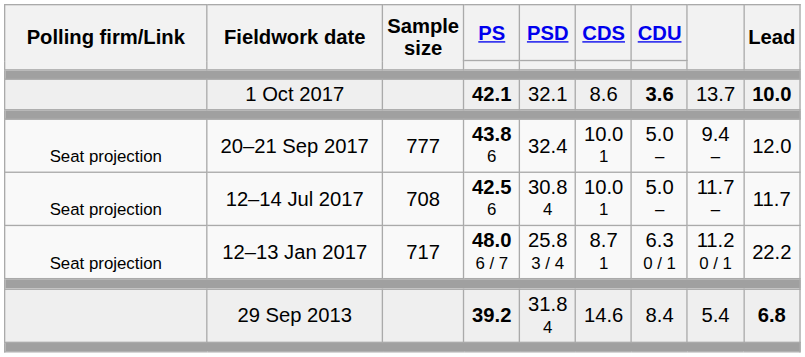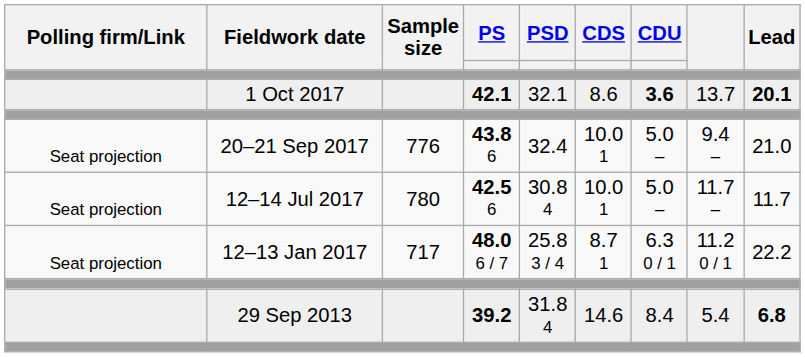 <table class="wikitable collapsible sortable" style="text-align:center; font-size:95%; line-height:16px;">
 <tr style="height:42px;">
 <th style="width:145px;" rowspan="2">Polling firm/Link</th>
 <th style="width:125px;" rowspan="2">Fieldwork date</th>
 <th class="unsortable" style="width:50px;" rowspan="2">Sample size</th>
 <th class="unsortable" style="width:35px;"><a href='#'>PS</a></th>
 <th class="unsortable" style="width:35px;"><a href='#'>PSD</a></th>
 <th class="unsortable" style="width:35px;"><a href='#'>CDS</a></th>
 <th class="unsortable" style="width:35px;"><a href='#'>CDU</a></th>
 <th class="unsortable" style="width:35px;" rowspan="2"></th>
 <th class="unsortable" style="width:30px;" rowspan="2">Lead</th>
 </tr>
 <tr>
 <th class="unsortable" style="color:inherit;background:"></th>
 <th class="unsortable" style="color:inherit;background:"></th>
 <th class="unsortable" style="color:inherit;background:"></th>
 <th class="unsortable" style="color:inherit;background:"></th>
 </tr>
 <tr>
 <td colspan="11" style="background:#A0A0A0"></td>
 </tr>
 <tr style="background:#EFEFEF;">
 <td><strong></strong></td>
 <td data-sort-value="2019-10-06">1 Oct 2017</td>
 <td></td>
 <td><strong>42.1</strong><br></td>
 <td>32.1<br></td>
 <td>8.6<br></td>
 <td><strong>3.6<br></strong></td>
 <td>13.7<br></td>
-<td style="background:"><strong>10.0</strong></td>
+<td style="background:"><strong>20.1</strong></td>
 </tr>
 <tr>
 <td colspan="11" style="background:#A0A0A0"></td>
 </tr>
 <tr>
 <td align="center"><br><small>Seat projection</small></td>
 <td align="center">20–21 Sep 2017</td>
-<td>777</td>
+<td>776</td>
 <td align="center" ><strong>43.8</strong><br><small>6</small></td>
 <td>32.4<br></td>
 <td align="center">10.0<br><small>1</small></td>
 <td align="center">5.0<br><small>–</small></td>
 <td align="center">9.4<br><small>–</small></td>
-<td style="background:">12.0</td>
+<td style="background:">21.0</td>
 </tr>
 <tr>
 <td align="center"><br><small>Seat projection</small></td>
 <td align="center">12–14 Jul 2017</td>
-<td>708</td>
+<td>780</td>
 <td align="center" ><strong>42.5</strong><br><small>6</small></td>
 <td align="center">30.8<br><small>4</small></td>
 <td align="center">10.0<br><small>1</small></td>
 <td align="center">5.0<br><small>–</small></td>
 <td align="center">11.7<br><small>–</small></td>
 <td style="background:">11.7</td>
 </tr>
 <tr>
 <td align="center"><br><small>Seat projection</small></td>
 <td align="center">12–13 Jan 2017</td>
 <td>717</td>
 <td align="center" ><strong>48.0</strong><br><small>6 / 7</small></td>
 <td align="center">25.8<br><small>3 / 4</small></td>
 <td align="center">8.7<br><small>1</small></td>
 <td align="center">6.3<br><small>0 / 1</small></td>
 <td align="center">11.2<br><small>0 / 1</small></td>
 <td style="background:">22.2</td>
 </tr>
 <tr>
 <td colspan="11" style="background:#A0A0A0"></td>
 </tr>
 <tr style="background:#EFEFEF;">
 <td><strong></strong></td>
 <td data-sort-value="2019-10-06">29 Sep 2013</td>
 <td></td>
 <td><strong>39.2</strong><br></td>
 <td align="center">31.8<br><small>4</small></td>
 <td>14.6<br></td>
 <td>8.4<br></td>
 <td>5.4</td>
 <td style="background:"><strong>6.8</strong></td>
 </tr>
 <tr>
 <td colspan="11" style="background:#A0A0A0"></td>
 </tr>
 </table>
